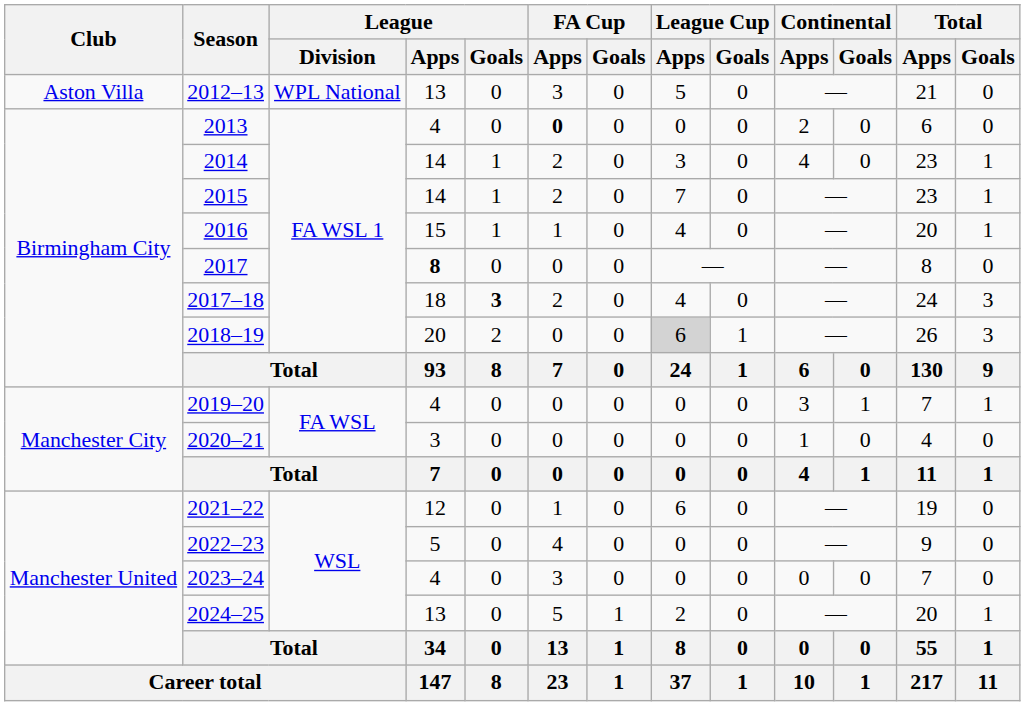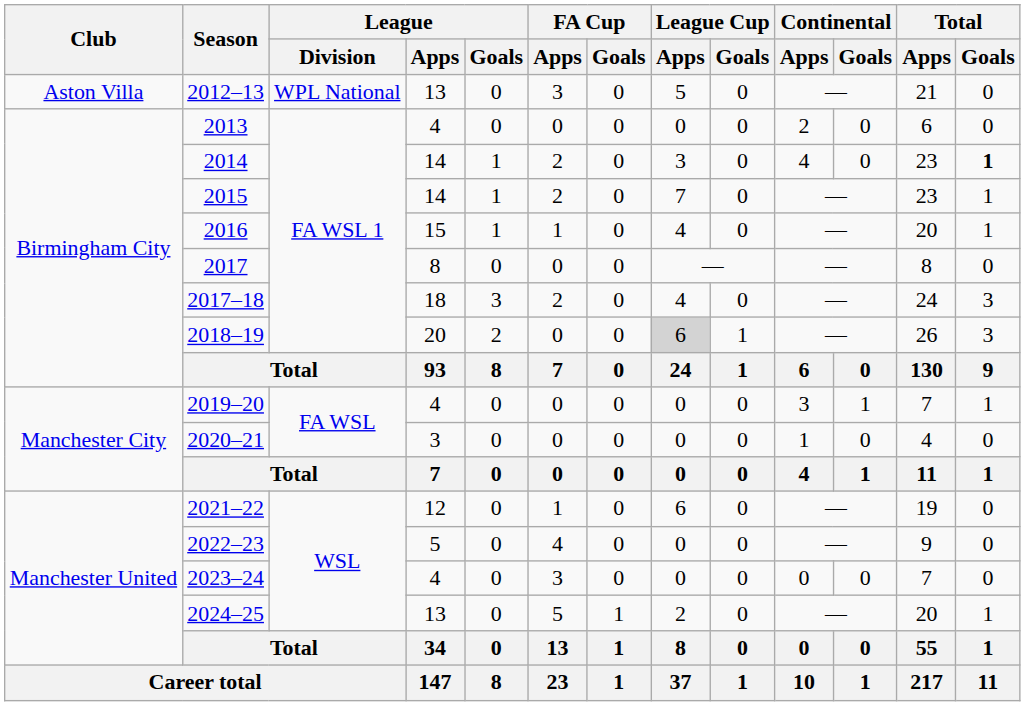 <table class="wikitable" style="text-align:center">
 <tr>
 <th rowspan="2">Club</th>
 <th rowspan="2">Season</th>
 <th colspan="3">League</th>
 <th colspan="2">FA Cup</th>
 <th colspan="2">League Cup</th>
 <th colspan="2">Continental</th>
 <th colspan="2">Total</th>
 </tr>
 <tr>
 <th>Division</th>
 <th>Apps</th>
 <th>Goals</th>
 <th>Apps</th>
 <th>Goals</th>
 <th>Apps</th>
 <th>Goals</th>
 <th>Apps</th>
 <th>Goals</th>
 <th>Apps</th>
 <th>Goals</th>
 </tr>
 <tr>
 <td><a href='#'>Aston Villa</a></td>
 <td><a href='#'>2012–13</a></td>
 <td><a href='#'>WPL National</a></td>
 <td>13</td>
 <td>0</td>
 <td>3</td>
 <td>0</td>
 <td>5</td>
 <td>0</td>
 <td colspan="2">—</td>
 <td>21</td>
 <td>0</td>
 </tr>
 <tr>
 <td rowspan="8"><a href='#'>Birmingham City</a></td>
 <td><a href='#'>2013</a></td>
 <td rowspan="7"><a href='#'>FA WSL 1</a></td>
 <td>4</td>
 <td>0</td>
-<td><strong>0</strong></td>
+<td>0</td>
 <td>0</td>
 <td>0</td>
 <td>0</td>
 <td>2</td>
 <td>0</td>
 <td>6</td>
 <td>0</td>
 </tr>
 <tr>
 <td><a href='#'>2014</a></td>
 <td>14</td>
 <td>1</td>
 <td>2</td>
 <td>0</td>
 <td>3</td>
 <td>0</td>
 <td>4</td>
 <td>0</td>
 <td>23</td>
-<td>1</td>
+<td><strong>1</strong></td>
 </tr>
 <tr>
 <td><a href='#'>2015</a></td>
 <td>14</td>
 <td>1</td>
 <td>2</td>
 <td>0</td>
 <td>7</td>
 <td>0</td>
 <td colspan="2">—</td>
 <td>23</td>
 <td>1</td>
 </tr>
 <tr>
 <td><a href='#'>2016</a></td>
 <td>15</td>
 <td>1</td>
 <td>1</td>
 <td>0</td>
 <td>4</td>
 <td>0</td>
 <td colspan="2">—</td>
 <td>20</td>
 <td>1</td>
 </tr>
 <tr>
 <td><a href='#'>2017</a></td>
-<td><strong>8</strong></td>
+<td>8</td>
 <td>0</td>
 <td>0</td>
 <td>0</td>
 <td colspan="2">—</td>
 <td colspan="2">—</td>
 <td>8</td>
 <td>0</td>
 </tr>
 <tr>
 <td><a href='#'>2017–18</a></td>
 <td>18</td>
-<td><strong>3</strong></td>
+<td>3</td>
 <td>2</td>
 <td>0</td>
 <td>4</td>
 <td>0</td>
 <td colspan="2">—</td>
 <td>24</td>
 <td>3</td>
 </tr>
 <tr>
 <td><a href='#'>2018–19</a></td>
 <td>20</td>
 <td>2</td>
 <td>0</td>
 <td>0</td>
 <td style="background: lightgrey;">6</td>
 <td>1</td>
 <td colspan="2">—</td>
 <td>26</td>
 <td>3</td>
 </tr>
 <tr>
 <th colspan="2">Total</th>
 <th>93</th>
 <th>8</th>
 <th>7</th>
 <th>0</th>
 <th>24</th>
 <th>1</th>
 <th>6</th>
 <th>0</th>
 <th>130</th>
 <th>9</th>
 </tr>
 <tr>
 <td rowspan="3"><a href='#'>Manchester City</a></td>
 <td><a href='#'>2019–20</a></td>
 <td rowspan="2"><a href='#'>FA WSL</a></td>
 <td>4</td>
 <td>0</td>
 <td>0</td>
 <td>0</td>
 <td>0</td>
 <td>0</td>
 <td>3</td>
 <td>1</td>
 <td>7</td>
 <td>1</td>
 </tr>
 <tr>
 <td><a href='#'>2020–21</a></td>
 <td>3</td>
 <td>0</td>
 <td>0</td>
 <td>0</td>
 <td>0</td>
 <td>0</td>
 <td>1</td>
 <td>0</td>
 <td>4</td>
 <td>0</td>
 </tr>
 <tr>
 <th colspan="2">Total</th>
 <th>7</th>
 <th>0</th>
 <th>0</th>
 <th>0</th>
 <th>0</th>
 <th>0</th>
 <th>4</th>
 <th>1</th>
 <th>11</th>
 <th>1</th>
 </tr>
 <tr>
 <td rowspan="5"><a href='#'>Manchester United</a></td>
 <td><a href='#'>2021–22</a></td>
 <td rowspan="4"><a href='#'>WSL</a></td>
 <td>12</td>
 <td>0</td>
 <td>1</td>
 <td>0</td>
 <td>6</td>
 <td>0</td>
 <td colspan="2">—</td>
 <td>19</td>
 <td>0</td>
 </tr>
 <tr>
 <td><a href='#'>2022–23</a></td>
 <td>5</td>
 <td>0</td>
 <td>4</td>
 <td>0</td>
 <td>0</td>
 <td>0</td>
 <td colspan="2">—</td>
 <td>9</td>
 <td>0</td>
 </tr>
 <tr>
 <td><a href='#'>2023–24</a></td>
 <td>4</td>
 <td>0</td>
 <td>3</td>
 <td>0</td>
 <td>0</td>
 <td>0</td>
 <td>0</td>
 <td>0</td>
 <td>7</td>
 <td>0</td>
 </tr>
 <tr>
 <td><a href='#'>2024–25</a></td>
 <td>13</td>
 <td>0</td>
 <td>5</td>
 <td>1</td>
 <td>2</td>
 <td>0</td>
 <td colspan="2">—</td>
 <td>20</td>
 <td>1</td>
 </tr>
 <tr>
 <th colspan="2">Total</th>
 <th>34</th>
 <th>0</th>
 <th>13</th>
 <th>1</th>
 <th>8</th>
 <th>0</th>
 <th>0</th>
 <th>0</th>
 <th>55</th>
 <th>1</th>
 </tr>
 <tr>
 <th colspan="3">Career total</th>
 <th>147</th>
 <th>8</th>
 <th>23</th>
 <th>1</th>
 <th>37</th>
 <th>1</th>
 <th>10</th>
 <th>1</th>
 <th>217</th>
 <th>11</th>
 </tr>
 </table>
